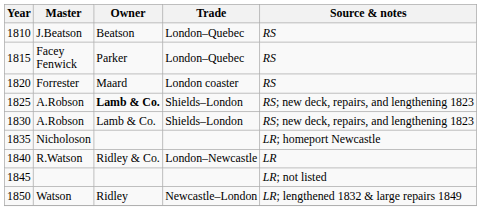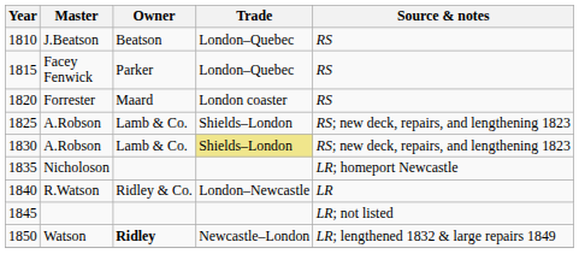 <table class=" wikitable">
 <tr>
 <th>Year</th>
 <th>Master</th>
 <th>Owner</th>
 <th>Trade</th>
 <th>Source & notes</th>
 </tr>
 <tr>
 <td>1810</td>
 <td>J.Beatson</td>
 <td>Beatson</td>
 <td>London–Quebec</td>
 <td><em>RS</em></td>
 </tr>
 <tr>
 <td>1815</td>
 <td>Facey<br>Fenwick</td>
 <td>Parker</td>
 <td>London–Quebec</td>
 <td><em>RS</em></td>
 </tr>
 <tr>
 <td>1820</td>
 <td>Forrester</td>
 <td>Maard</td>
 <td>London coaster</td>
 <td><em>RS</em></td>
 </tr>
 <tr>
 <td>1825</td>
 <td>A.Robson</td>
-<td><strong>Lamb & Co.</strong></td>
+<td>Lamb & Co.</td>
 <td>Shields–London</td>
 <td><em>RS</em>; new deck, repairs, and lengthening 1823</td>
 </tr>
 <tr>
 <td>1830</td>
 <td>A.Robson</td>
 <td>Lamb & Co.</td>
-<td>Shields–London</td>
+<td style="background: khaki;">Shields–London</td>
 <td><em>RS</em>; new deck, repairs, and lengthening 1823</td>
 </tr>
 <tr>
 <td>1835</td>
 <td>Nicholoson</td>
 <td></td>
 <td></td>
 <td><em>LR</em>; homeport Newcastle</td>
 </tr>
 <tr>
 <td>1840</td>
 <td>R.Watson</td>
 <td>Ridley & Co.</td>
 <td>London–Newcastle</td>
 <td><em>LR</em></td>
 </tr>
 <tr>
 <td>1845</td>
 <td></td>
 <td></td>
 <td></td>
 <td><em>LR</em>; not listed</td>
 </tr>
 <tr>
 <td>1850</td>
 <td>Watson</td>
-<td>Ridley</td>
+<td><strong>Ridley</strong></td>
 <td>Newcastle–London</td>
 <td><em>LR</em>; lengthened 1832 & large repairs 1849</td>
 </tr>
 <tr>
 </tr>
 </table>
